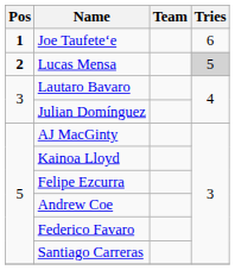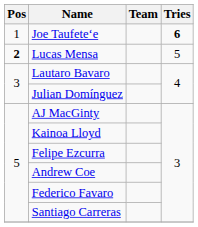 <table class="wikitable" style="text-align:center">
 <tr>
 <th>Pos</th>
 <th>Name</th>
 <th>Team</th>
 <th>Tries</th>
 </tr>
 <tr>
-<td><strong>1</strong></td>
+<td>1</td>
 <td align="left"><a href='#'>Joe Taufeteʻe</a></td>
 <td align="left"></td>
-<td>6</td>
+<td><strong>6</strong></td>
 </tr>
 <tr>
 <td><strong>2</strong></td>
 <td align="left"><a href='#'>Lucas Mensa</a></td>
 <td align="left"></td>
-<td style="background: lightgrey;">5</td>
+<td>5</td>
 </tr>
 <tr>
 <td rowspan=2>3</td>
 <td align="left"><a href='#'>Lautaro Bavaro</a></td>
 <td align="left"></td>
 <td rowspan=2>4</td>
 </tr>
 <tr>
 <td align="left"><a href='#'>Julian Domínguez</a></td>
 <td align="left"></td>
 </tr>
 <tr>
 <td rowspan=6>5</td>
 <td align="left"><a href='#'>AJ MacGinty</a></td>
 <td align="left"></td>
 <td rowspan=6>3</td>
 </tr>
 <tr>
 <td align="left"><a href='#'>Kainoa Lloyd</a></td>
 <td align="left"></td>
 </tr>
 <tr>
 <td align="left"><a href='#'>Felipe Ezcurra</a></td>
 <td align="left"></td>
 </tr>
 <tr>
 <td align="left"><a href='#'>Andrew Coe</a></td>
 <td align="left"></td>
 </tr>
 <tr>
 <td align="left"><a href='#'>Federico Favaro</a></td>
 <td align="left"></td>
 </tr>
 <tr>
 <td align="left"><a href='#'>Santiago Carreras</a></td>
 <td align="left"></td>
 </tr>
 <tr>
 </tr>
 </table>
